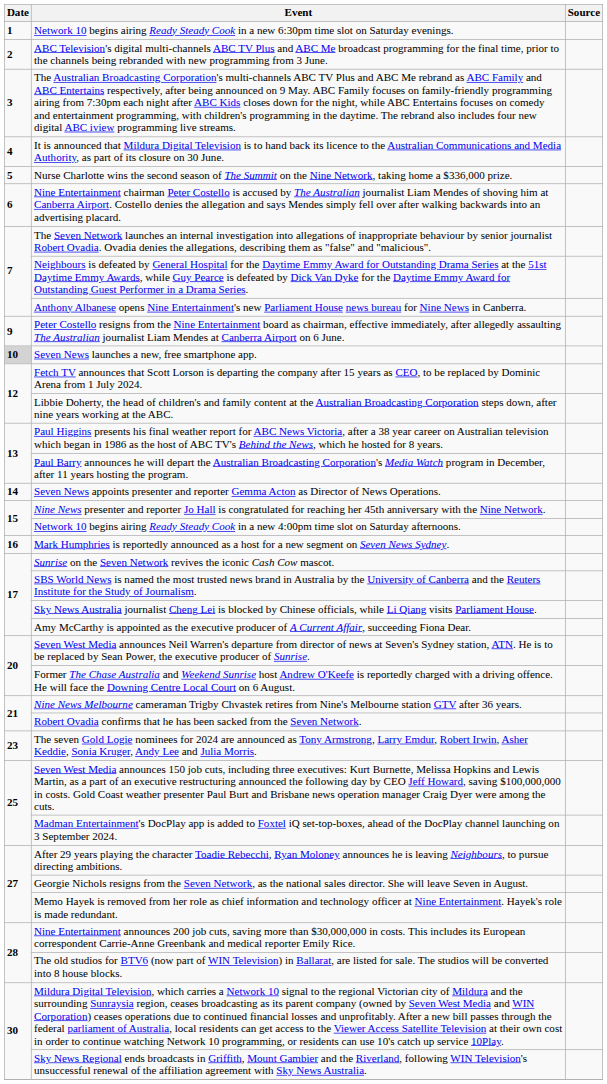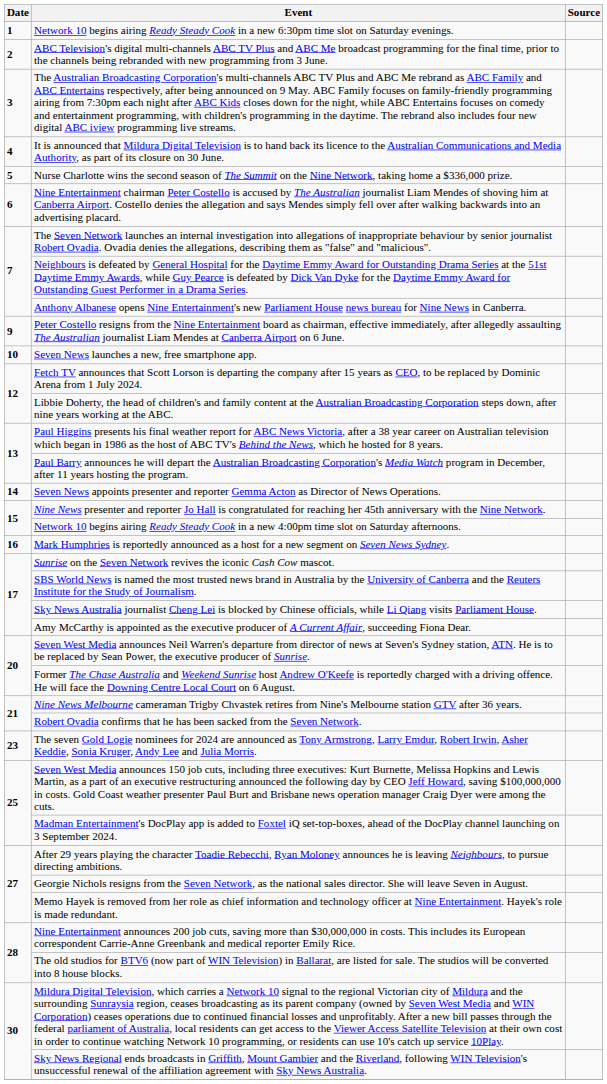 <table class="wikitable">
 <tr>
 <th>Date</th>
 <th>Event</th>
 <th>Source</th>
 </tr>
 <tr>
 <td><strong>1</strong></td>
 <td><a href='#'>Network 10</a> begins airing <em><a href='#'>Ready Steady Cook</a></em> in a new 6:30pm time slot on Saturday evenings.</td>
 <td></td>
 </tr>
 <tr>
 <td><strong>2</strong></td>
 <td><a href='#'>ABC Television</a>'s digital multi-channels <a href='#'>ABC TV Plus</a> and <a href='#'>ABC Me</a> broadcast programming for the final time, prior to the channels being rebranded with new programming from 3 June.</td>
 <td></td>
 </tr>
 <tr>
 <td><strong>3</strong></td>
 <td>The <a href='#'>Australian Broadcasting Corporation</a>'s multi-channels ABC TV Plus and ABC Me rebrand as <a href='#'>ABC Family</a> and <a href='#'>ABC Entertains</a> respectively, after being announced on 9 May. ABC Family focuses on family-friendly programming airing from 7:30pm each night after <a href='#'>ABC Kids</a> closes down for the night, while ABC Entertains focuses on comedy and entertainment programming, with children's programming in the daytime. The rebrand also includes four new digital <a href='#'>ABC iview</a> programming live streams.</td>
 <td></td>
 </tr>
 <tr>
 <td><strong>4</strong></td>
 <td>It is announced that <a href='#'>Mildura Digital Television</a> is to hand back its licence to the <a href='#'>Australian Communications and Media Authority</a>, as part of its closure on 30 June.</td>
 <td></td>
 </tr>
 <tr>
 <td><strong>5</strong></td>
 <td>Nurse Charlotte wins the second season of <em><a href='#'>The Summit</a></em> on the <a href='#'>Nine Network</a>, taking home a $336,000 prize.</td>
 <td></td>
 </tr>
 <tr>
 <td><strong>6</strong></td>
 <td><a href='#'>Nine Entertainment</a> chairman <a href='#'>Peter Costello</a> is accused by <em><a href='#'>The Australian</a></em> journalist Liam Mendes of shoving him at <a href='#'>Canberra Airport</a>. Costello denies the allegation and says Mendes simply fell over after walking backwards into an advertising placard.</td>
 <td></td>
 </tr>
 <tr>
 <td rowspan=3><strong>7</strong></td>
 <td>The <a href='#'>Seven Network</a> launches an internal investigation into allegations of inappropriate behaviour by senior journalist <a href='#'>Robert Ovadia</a>. Ovadia denies the allegations, describing them as "false" and "malicious".</td>
 <td></td>
 </tr>
 <tr>
 <td><a href='#'>Neighbours</a> is defeated by <a href='#'>General Hospital</a> for the <a href='#'>Daytime Emmy Award for Outstanding Drama Series</a> at the <a href='#'>51st Daytime Emmy Awards</a>, while <a href='#'>Guy Pearce</a> is defeated by <a href='#'>Dick Van Dyke</a> for the <a href='#'>Daytime Emmy Award for Outstanding Guest Performer in a Drama Series</a>.</td>
 <td></td>
 </tr>
 <tr>
 <td><a href='#'>Anthony Albanese</a> opens <a href='#'>Nine Entertainment</a>'s new <a href='#'>Parliament House</a> <a href='#'>news bureau</a> for <a href='#'>Nine News</a> in Canberra.</td>
 <td></td>
 </tr>
 <tr>
 <td><strong>9</strong></td>
 <td><a href='#'>Peter Costello</a> resigns from the <a href='#'>Nine Entertainment</a> board as chairman, effective immediately, after allegedly assaulting <em><a href='#'>The Australian</a></em> journalist Liam Mendes at <a href='#'>Canberra Airport</a> on 6 June.</td>
 <td></td>
 </tr>
 <tr>
-<td style="background: lightgrey;"><strong>10</strong></td>
+<td><strong>10</strong></td>
 <td><a href='#'>Seven News</a> launches a new, free smartphone app.</td>
 <td></td>
 </tr>
 <tr>
 <td rowspan=2><strong>12</strong></td>
 <td><a href='#'>Fetch TV</a> announces that Scott Lorson is departing the company after 15 years as <a href='#'>CEO</a>, to be replaced by Dominic Arena from 1 July 2024.</td>
 <td></td>
 </tr>
 <tr>
 <td>Libbie Doherty, the head of children's and family content at the <a href='#'>Australian Broadcasting Corporation</a> steps down, after nine years working at the ABC.</td>
 <td></td>
 </tr>
 <tr>
 <td rowspan=2><strong>13</strong></td>
 <td><a href='#'>Paul Higgins</a> presents his final weather report for <a href='#'>ABC News Victoria</a>, after a 38 year career on Australian television which began in 1986 as the host of ABC TV's <em><a href='#'>Behind the News</a></em>, which he hosted for 8 years.</td>
 <td></td>
 </tr>
 <tr>
 <td><a href='#'>Paul Barry</a> announces he will depart the <a href='#'>Australian Broadcasting Corporation</a>'s <em><a href='#'>Media Watch</a></em> program in December, after 11 years hosting the program.</td>
 <td></td>
 </tr>
 <tr>
 <td><strong>14</strong></td>
 <td><a href='#'>Seven News</a> appoints presenter and reporter <a href='#'>Gemma Acton</a> as Director of News Operations.</td>
 <td></td>
 </tr>
 <tr>
 <td rowspan=2><strong>15</strong></td>
 <td><em><a href='#'>Nine News</a></em> presenter and reporter <a href='#'>Jo Hall</a> is congratulated for reaching her 45th anniversary with the <a href='#'>Nine Network</a>.</td>
 <td></td>
 </tr>
 <tr>
 <td><a href='#'>Network 10</a> begins airing <em><a href='#'>Ready Steady Cook</a></em> in a new 4:00pm time slot on Saturday afternoons.</td>
 <td></td>
 </tr>
 <tr>
 <td><strong>16</strong></td>
 <td><a href='#'>Mark Humphries</a> is reportedly announced as a host for a new segment on <em><a href='#'>Seven News Sydney</a></em>.</td>
 <td></td>
 </tr>
 <tr>
 <td rowspan=4><strong>17</strong></td>
 <td><em><a href='#'>Sunrise</a></em> on the <a href='#'>Seven Network</a> revives the iconic <em>Cash Cow</em> mascot.</td>
 <td></td>
 </tr>
 <tr>
 <td><a href='#'>SBS World News</a> is named the most trusted news brand in Australia by the <a href='#'>University of Canberra</a> and the <a href='#'>Reuters Institute for the Study of Journalism</a>.</td>
 <td></td>
 </tr>
 <tr>
 <td><a href='#'>Sky News Australia</a> journalist <a href='#'>Cheng Lei</a> is blocked by Chinese officials, while <a href='#'>Li Qiang</a> visits <a href='#'>Parliament House</a>.</td>
 <td></td>
 </tr>
 <tr>
 <td>Amy McCarthy is appointed as the executive producer of <em><a href='#'>A Current Affair</a></em>, succeeding Fiona Dear.</td>
 <td></td>
 </tr>
 <tr>
 <td rowspan=2><strong>20</strong></td>
 <td><a href='#'>Seven West Media</a> announces Neil Warren's departure from director of news at Seven's Sydney station, <a href='#'>ATN</a>. He is to be replaced by Sean Power, the executive producer of <em><a href='#'>Sunrise</a></em>.</td>
 <td></td>
 </tr>
 <tr>
 <td>Former <em><a href='#'>The Chase Australia</a></em> and <em><a href='#'>Weekend Sunrise</a></em> host <a href='#'>Andrew O'Keefe</a> is reportedly charged with a driving offence. He will face the <a href='#'>Downing Centre Local Court</a> on 6 August.</td>
 <td></td>
 </tr>
 <tr>
 <td rowspan=2><strong>21</strong></td>
 <td><em><a href='#'>Nine News Melbourne</a></em> cameraman Trigby Chvastek retires from Nine's Melbourne station <a href='#'>GTV</a> after 36 years.</td>
 <td></td>
 </tr>
 <tr>
 <td><a href='#'>Robert Ovadia</a> confirms that he has been sacked from the <a href='#'>Seven Network</a>.</td>
 <td></td>
 </tr>
 <tr>
 <td><strong>23</strong></td>
 <td>The seven <a href='#'>Gold Logie</a> nominees for 2024 are announced as <a href='#'>Tony Armstrong</a>, <a href='#'>Larry Emdur</a>, <a href='#'>Robert Irwin</a>, <a href='#'>Asher Keddie</a>, <a href='#'>Sonia Kruger</a>, <a href='#'>Andy Lee</a> and <a href='#'>Julia Morris</a>.</td>
 <td></td>
 </tr>
 <tr>
 <td rowspan=2><strong>25</strong></td>
 <td><a href='#'>Seven West Media</a> announces 150 job cuts, including three executives: Kurt Burnette, Melissa Hopkins and Lewis Martin, as a part of an executive restructuring announced the following day by CEO <a href='#'>Jeff Howard</a>, saving $100,000,000 in costs. Gold Coast weather presenter Paul Burt and Brisbane news operation manager Craig Dyer were among the cuts.</td>
 <td></td>
 </tr>
 <tr>
 <td><a href='#'>Madman Entertainment</a>'s DocPlay app is added to <a href='#'>Foxtel</a> iQ set-top-boxes, ahead of the DocPlay channel launching on 3 September 2024.</td>
 <td></td>
 </tr>
 <tr>
 <td rowspan=3><strong>27</strong></td>
 <td>After 29 years playing the character <a href='#'>Toadie Rebecchi</a>, <a href='#'>Ryan Moloney</a> announces he is leaving <em><a href='#'>Neighbours</a></em>, to pursue directing ambitions.</td>
 <td></td>
 </tr>
 <tr>
 <td>Georgie Nichols resigns from the <a href='#'>Seven Network</a>, as the national sales director. She will leave Seven in August.</td>
 <td></td>
 </tr>
 <tr>
 <td>Memo Hayek is removed from her role as chief information and technology officer at <a href='#'>Nine Entertainment</a>. Hayek's role is made redundant.</td>
 <td></td>
 </tr>
 <tr>
 <td rowspan=2><strong>28</strong></td>
 <td><a href='#'>Nine Entertainment</a> announces 200 job cuts, saving more than $30,000,000 in costs. This includes its European correspondent Carrie-Anne Greenbank and medical reporter Emily Rice.</td>
 <td></td>
 </tr>
 <tr>
 <td>The old studios for <a href='#'>BTV6</a> (now part of <a href='#'>WIN Television</a>) in <a href='#'>Ballarat</a>, are listed for sale. The studios will be converted into 8 house blocks.</td>
 <td></td>
 </tr>
 <tr>
 <td rowspan=2><strong>30</strong></td>
 <td><a href='#'>Mildura Digital Television</a>, which carries a <a href='#'>Network 10</a> signal to the regional Victorian city of <a href='#'>Mildura</a> and the surrounding <a href='#'>Sunraysia</a> region, ceases broadcasting as its parent company (owned by <a href='#'>Seven West Media</a> and <a href='#'>WIN Corporation</a>) ceases operations due to continued financial losses and unprofitably. After a new bill passes through the federal <a href='#'>parliament of Australia</a>, local residents can get access to the <a href='#'>Viewer Access Satellite Television</a> at their own cost in order to continue watching Network 10 programming, or residents can use 10's catch up service <a href='#'>10Play</a>.</td>
 <td></td>
 </tr>
 <tr>
 <td><a href='#'>Sky News Regional</a> ends broadcasts in <a href='#'>Griffith</a>, <a href='#'>Mount Gambier</a> and the <a href='#'>Riverland</a>, following <a href='#'>WIN Television</a>'s unsuccessful renewal of the affiliation agreement with <a href='#'>Sky News Australia</a>.</td>
 <td></td>
 </tr>
 <tr>
 </tr>
 </table>
